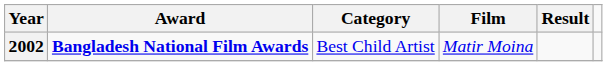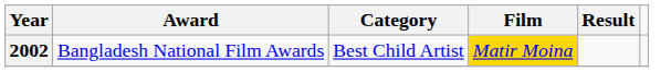 <table class="wikitable plainrowheaders sortable">
 <tr>
 <th scope="col">Year</th>
 <th scope="col">Award</th>
 <th scope="col">Category</th>
 <th scope="col">Film</th>
 <th scope="col">Result</th>
 </tr>
 <tr>
 <th scope="row">2002</th>
-<td><strong><a href='#'>Bangladesh National Film Awards</a></strong></td>
+<td><a href='#'>Bangladesh National Film Awards</a></td>
 <td><a href='#'>Best Child Artist</a></td>
-<td><em><a href='#'>Matir Moina</a></em></td>
+<td style="background: gold;"><em><a href='#'>Matir Moina</a></em></td>
 <td></td>
 <td></td>
 </tr>
 <tr>
 </tr>
 </table>
